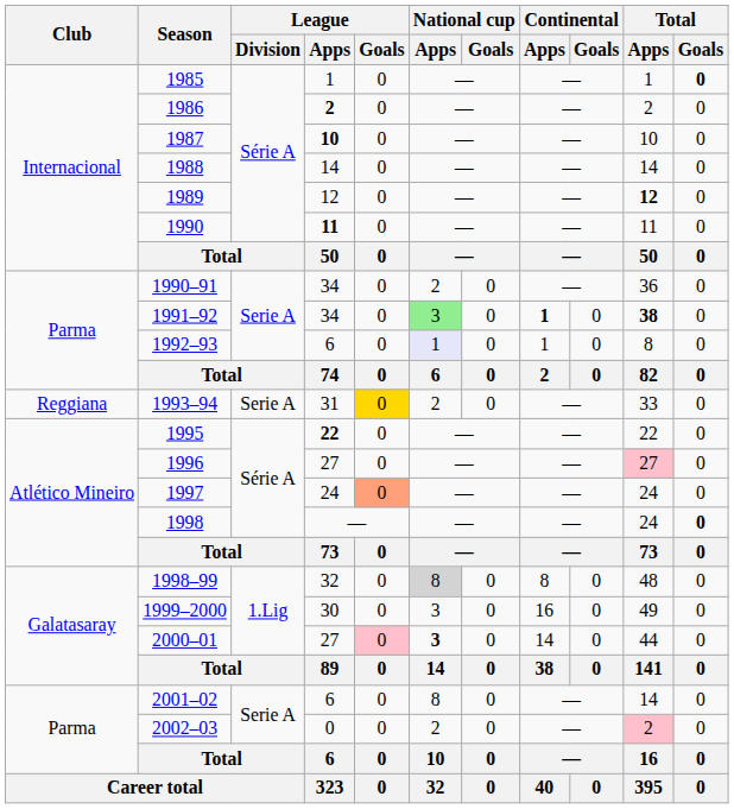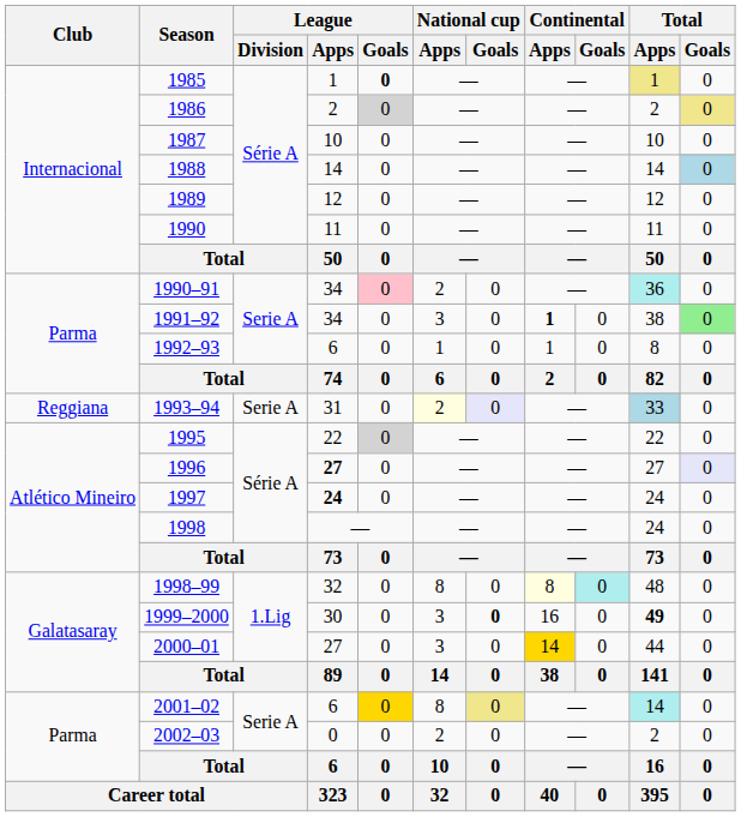 <table class="wikitable" style="text-align:center">
 <tr>
 <th rowspan="2">Club</th>
 <th rowspan="2">Season</th>
 <th colspan="3">League</th>
 <th colspan="2">National cup</th>
 <th colspan="2">Continental</th>
 <th colspan="2">Total</th>
 </tr>
 <tr>
 <th>Division</th>
 <th>Apps</th>
 <th>Goals</th>
 <th>Apps</th>
 <th>Goals</th>
 <th>Apps</th>
 <th>Goals</th>
 <th>Apps</th>
 <th>Goals</th>
 </tr>
 <tr>
 <td rowspan="7"><a href='#'>Internacional</a></td>
 <td><a href='#'>1985</a></td>
 <td rowspan="6"><a href='#'>Série A</a></td>
 <td>1</td>
-<td>0</td>
+<td><strong>0</strong></td>
 <td colspan="2">—</td>
 <td colspan="2">—</td>
-<td>1</td>
-<td><strong>0</strong></td>
+<td style="background: khaki;">1</td>
+<td>0</td>
 </tr>
 <tr>
 <td><a href='#'>1986</a></td>
-<td><strong>2</strong></td>
-<td>0</td>
+<td>2</td>
+<td style="background: lightgrey;">0</td>
 <td colspan="2">—</td>
 <td colspan="2">—</td>
 <td>2</td>
-<td>0</td>
+<td style="background: khaki;">0</td>
 </tr>
 <tr>
 <td><a href='#'>1987</a></td>
-<td><strong>10</strong></td>
+<td>10</td>
 <td>0</td>
 <td colspan="2">—</td>
 <td colspan="2">—</td>
 <td>10</td>
 <td>0</td>
 </tr>
 <tr>
 <td><a href='#'>1988</a></td>
 <td>14</td>
 <td>0</td>
 <td colspan="2">—</td>
 <td colspan="2">—</td>
 <td>14</td>
-<td>0</td>
+<td style="background: lightblue;">0</td>
 </tr>
 <tr>
 <td><a href='#'>1989</a></td>
 <td>12</td>
 <td>0</td>
 <td colspan="2">—</td>
 <td colspan="2">—</td>
-<td><strong>12</strong></td>
+<td>12</td>
 <td>0</td>
 </tr>
 <tr>
 <td><a href='#'>1990</a></td>
-<td><strong>11</strong></td>
+<td>11</td>
 <td>0</td>
 <td colspan="2">—</td>
 <td colspan="2">—</td>
 <td>11</td>
 <td>0</td>
 </tr>
 <tr>
 <th colspan="2">Total</th>
 <th>50</th>
 <th>0</th>
 <th colspan="2">—</th>
 <th colspan="2">—</th>
 <th>50</th>
 <th>0</th>
 </tr>
 <tr>
 <td rowspan="4"><a href='#'>Parma</a></td>
 <td><a href='#'>1990–91</a></td>
 <td rowspan="3"><a href='#'>Serie A</a></td>
 <td>34</td>
-<td>0</td>
+<td style="background: pink;">0</td>
 <td>2</td>
 <td>0</td>
 <td colspan="2">—</td>
-<td>36</td>
+<td style="background: paleturquoise;">36</td>
 <td>0</td>
 </tr>
 <tr>
 <td><a href='#'>1991–92</a></td>
 <td>34</td>
 <td>0</td>
-<td style="background: lightgreen;">3</td>
+<td>3</td>
 <td>0</td>
 <td><strong>1</strong></td>
 <td>0</td>
-<td><strong>38</strong></td>
-<td>0</td>
+<td>38</td>
+<td style="background: lightgreen;">0</td>
 </tr>
 <tr>
 <td><a href='#'>1992–93</a></td>
 <td>6</td>
 <td>0</td>
-<td style="background: lavender;">1</td>
+<td>1</td>
 <td>0</td>
 <td>1</td>
 <td>0</td>
 <td>8</td>
 <td>0</td>
 </tr>
 <tr>
 <th colspan="2">Total</th>
 <th>74</th>
 <th>0</th>
 <th>6</th>
 <th>0</th>
 <th>2</th>
 <th>0</th>
 <th>82</th>
 <th>0</th>
 </tr>
 <tr>
 <td><a href='#'>Reggiana</a></td>
 <td><a href='#'>1993–94</a></td>
 <td>Serie A</td>
 <td>31</td>
-<td style="background: gold;">0</td>
-<td>2</td>
 <td>0</td>
+<td style="background: lightyellow;">2</td>
+<td style="background: lavender;">0</td>
 <td colspan="2">—</td>
-<td>33</td>
+<td style="background: lightblue;">33</td>
 <td>0</td>
 </tr>
 <tr>
 <td rowspan="5"><a href='#'>Atlético Mineiro</a></td>
 <td><a href='#'>1995</a></td>
 <td rowspan="4">Série A</td>
-<td><strong>22</strong></td>
-<td>0</td>
+<td>22</td>
+<td style="background: lightgrey;">0</td>
 <td colspan="2">—</td>
 <td colspan="2">—</td>
 <td>22</td>
 <td>0</td>
 </tr>
 <tr>
 <td><a href='#'>1996</a></td>
-<td>27</td>
+<td><strong>27</strong></td>
 <td>0</td>
 <td colspan="2">—</td>
 <td colspan="2">—</td>
-<td style="background: pink;">27</td>
-<td>0</td>
+<td>27</td>
+<td style="background: lavender;">0</td>
 </tr>
 <tr>
 <td><a href='#'>1997</a></td>
-<td>24</td>
-<td style="background: lightsalmon;">0</td>
+<td><strong>24</strong></td>
+<td>0</td>
 <td colspan="2">—</td>
 <td colspan="2">—</td>
 <td>24</td>
 <td>0</td>
 </tr>
 <tr>
 <td><a href='#'>1998</a></td>
 <td colspan="2">—</td>
 <td colspan="2">—</td>
 <td colspan="2">—</td>
 <td>24</td>
-<td><strong>0</strong></td>
+<td>0</td>
 </tr>
 <tr>
 <th colspan="2">Total</th>
 <th>73</th>
 <th>0</th>
 <th colspan="2">—</th>
 <th colspan="2">—</th>
 <th>73</th>
 <th>0</th>
 </tr>
 <tr>
 <td rowspan="4"><a href='#'>Galatasaray</a></td>
 <td><a href='#'>1998–99</a></td>
 <td rowspan="3"><a href='#'>1.Lig</a></td>
 <td>32</td>
 <td>0</td>
-<td style="background: lightgrey;">8</td>
-<td>0</td>
 <td>8</td>
 <td>0</td>
+<td style="background: lightyellow;">8</td>
+<td style="background: paleturquoise;">0</td>
 <td>48</td>
 <td>0</td>
 </tr>
 <tr>
 <td><a href='#'>1999–2000</a></td>
 <td>30</td>
 <td>0</td>
 <td>3</td>
-<td>0</td>
+<td><strong>0</strong></td>
 <td>16</td>
 <td>0</td>
-<td>49</td>
+<td><strong>49</strong></td>
 <td>0</td>
 </tr>
 <tr>
 <td><a href='#'>2000–01</a></td>
 <td>27</td>
-<td style="background: pink;">0</td>
-<td><strong>3</strong></td>
 <td>0</td>
-<td>14</td>
+<td>3</td>
+<td>0</td>
+<td style="background: gold;">14</td>
 <td>0</td>
 <td>44</td>
 <td>0</td>
 </tr>
 <tr>
 <th colspan="2">Total</th>
 <th>89</th>
 <th>0</th>
 <th>14</th>
 <th>0</th>
 <th>38</th>
 <th>0</th>
 <th>141</th>
 <th>0</th>
 </tr>
 <tr>
 <td rowspan="3">Parma</td>
 <td><a href='#'>2001–02</a></td>
 <td rowspan="2">Serie A</td>
 <td>6</td>
-<td>0</td>
+<td style="background: gold;">0</td>
 <td>8</td>
-<td>0</td>
+<td style="background: khaki;">0</td>
 <td colspan="2">—</td>
-<td>14</td>
+<td style="background: paleturquoise;">14</td>
 <td>0</td>
 </tr>
 <tr>
 <td><a href='#'>2002–03</a></td>
 <td>0</td>
 <td>0</td>
 <td>2</td>
 <td>0</td>
 <td colspan="2">—</td>
-<td style="background: pink;">2</td>
+<td>2</td>
 <td>0</td>
 </tr>
 <tr>
 <th colspan="2">Total</th>
 <th>6</th>
 <th>0</th>
 <th>10</th>
 <th>0</th>
 <th colspan="2">—</th>
 <th>16</th>
 <th>0</th>
 </tr>
 <tr>
 <th colspan="3">Career total</th>
 <th>323</th>
 <th>0</th>
 <th>32</th>
 <th>0</th>
 <th>40</th>
 <th>0</th>
 <th>395</th>
 <th>0</th>
 </tr>
 </table>
